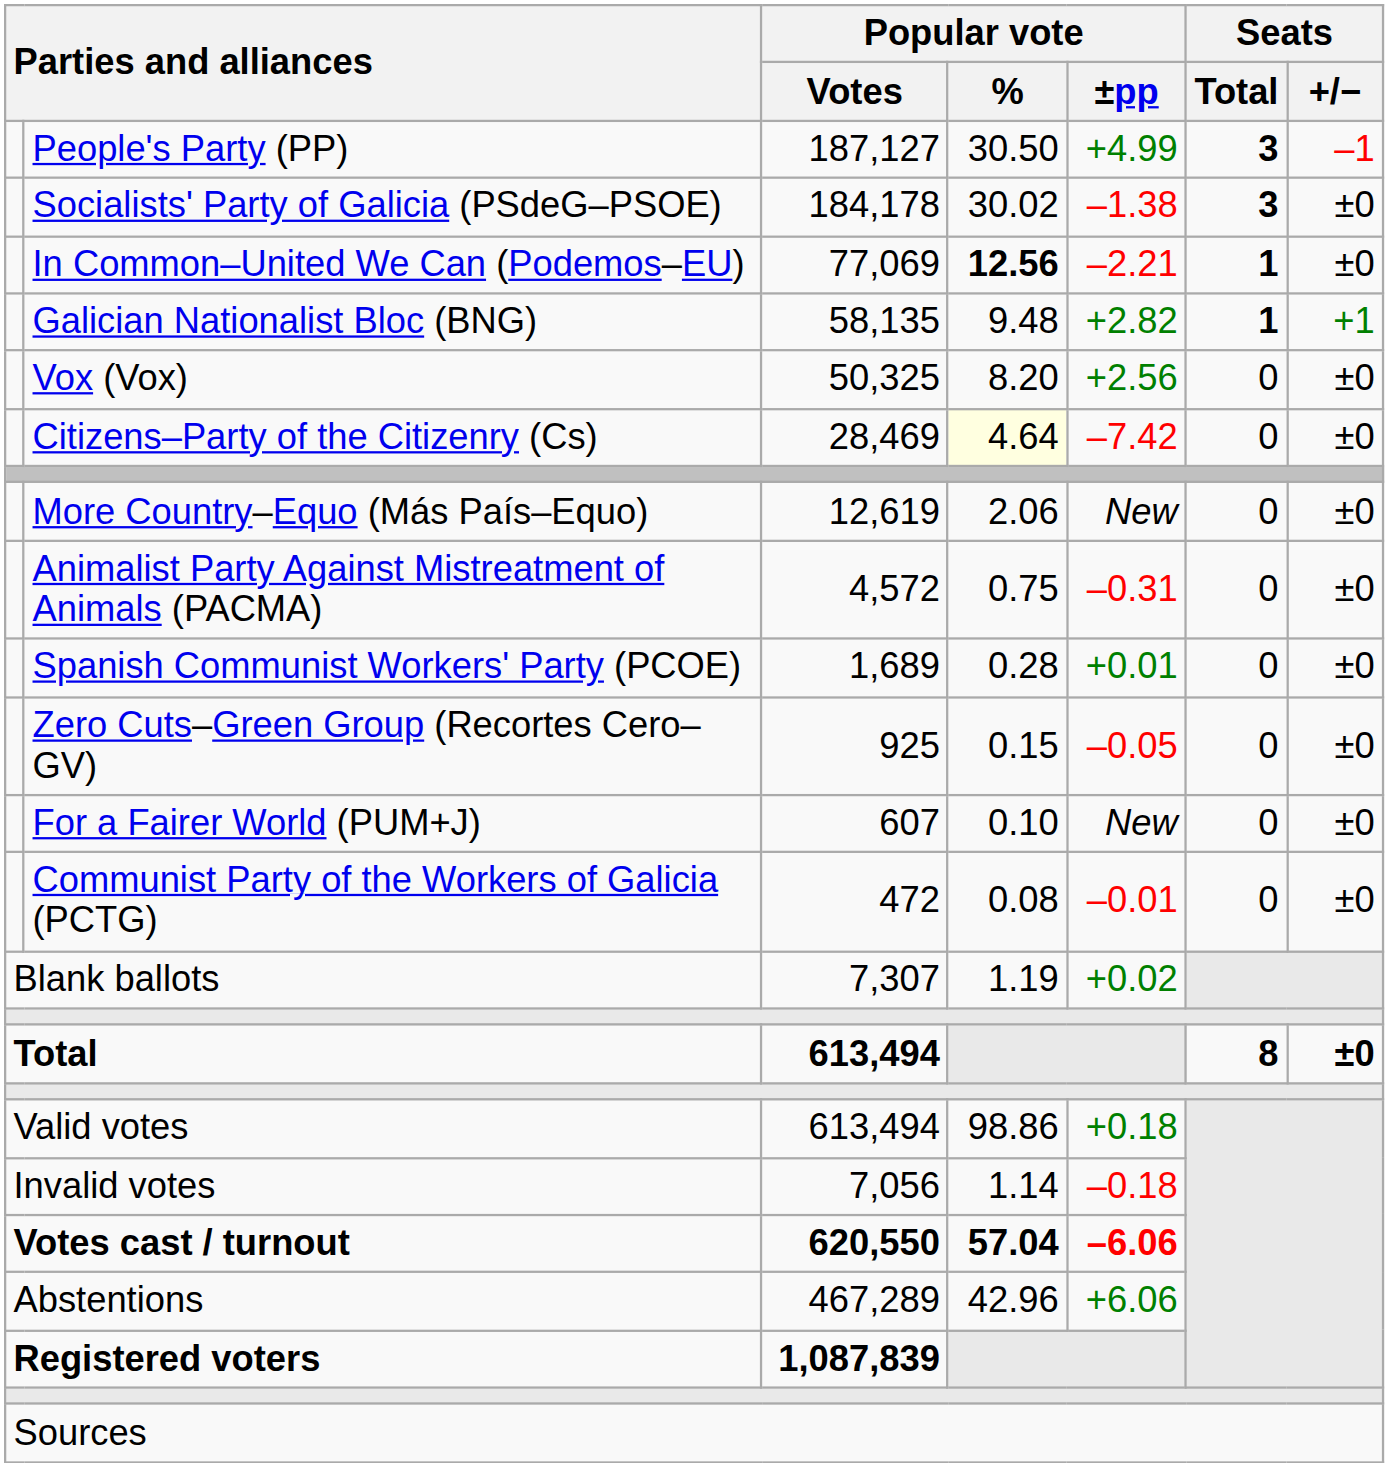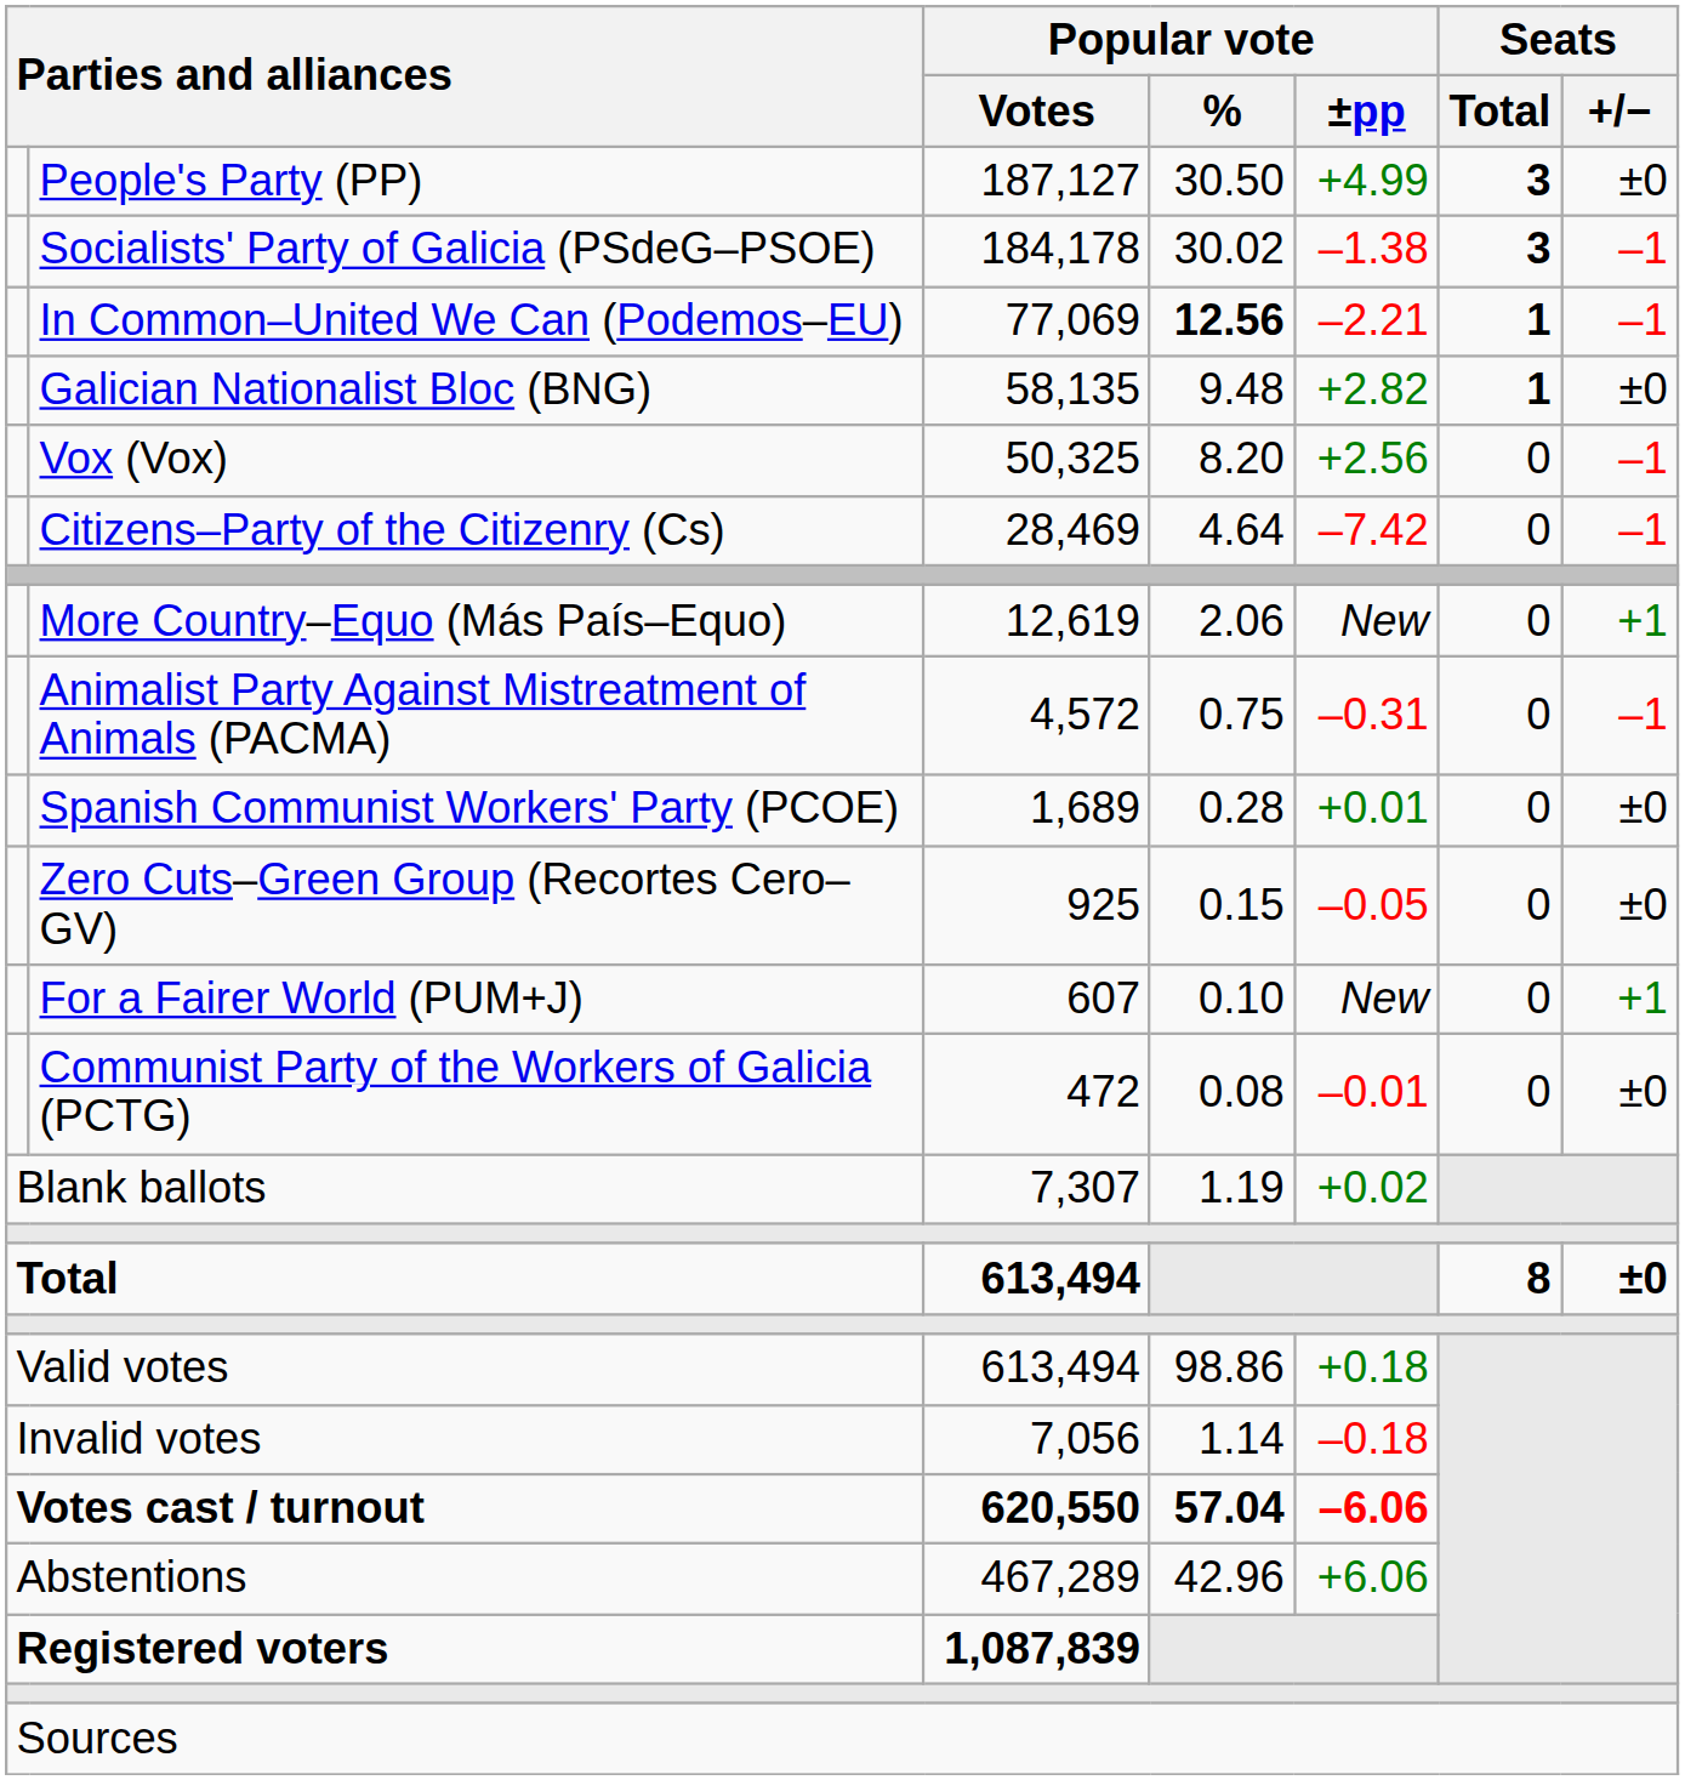 <table class="wikitable" style="text-align:right;">
 <tr>
 <th style="text-align:left;" rowspan="2" colspan="2" width="525">Parties and alliances</th>
 <th colspan="3">Popular vote</th>
 <th colspan="2">Seats</th>
 </tr>
 <tr>
 <th width="75">Votes</th>
 <th width="45">%</th>
 <th width="45">±<a href='#'>pp</a></th>
 <th width="35">Total</th>
 <th width="35">+/−</th>
 </tr>
 <tr>
 <td width="1" style="color:inherit;background:"></td>
 <td align="left"><a href='#'>People's Party</a> (PP)</td>
 <td>187,127</td>
 <td>30.50</td>
 <td style="color:green;">+4.99</td>
 <td><strong>3</strong></td>
-<td style="color:red;">–1</td>
+<td>±0</td>
 </tr>
 <tr>
 <td style="color:inherit;background:"></td>
 <td align="left"><a href='#'>Socialists' Party of Galicia</a> (PSdeG–PSOE)</td>
 <td>184,178</td>
 <td>30.02</td>
 <td style="color:red;">–1.38</td>
 <td><strong>3</strong></td>
-<td>±0</td>
+<td style="color:red;">–1</td>
 </tr>
 <tr>
 <td style="color:inherit;background:"></td>
 <td align="left"><a href='#'>In Common–United We Can</a> (<a href='#'>Podemos</a>–<a href='#'>EU</a>)</td>
 <td>77,069</td>
 <td><strong>12.56</strong></td>
 <td style="color:red;">–2.21</td>
 <td><strong>1</strong></td>
-<td>±0</td>
+<td style="color:red;">–1</td>
 </tr>
 <tr>
 <td style="color:inherit;background:"></td>
 <td align="left"><a href='#'>Galician Nationalist Bloc</a> (BNG)</td>
 <td>58,135</td>
 <td>9.48</td>
 <td style="color:green;">+2.82</td>
 <td><strong>1</strong></td>
-<td style="color:green;">+1</td>
+<td>±0</td>
 </tr>
 <tr>
 <td style="color:inherit;background:"></td>
 <td align="left"><a href='#'>Vox</a> (Vox)</td>
 <td>50,325</td>
 <td>8.20</td>
 <td style="color:green;">+2.56</td>
 <td>0</td>
-<td>±0</td>
+<td style="color:red;">–1</td>
 </tr>
 <tr>
 <td style="color:inherit;background:"></td>
 <td align="left"><a href='#'>Citizens–Party of the Citizenry</a> (Cs)</td>
 <td>28,469</td>
-<td style="background: lightyellow;">4.64</td>
+<td>4.64</td>
 <td style="color:red;">–7.42</td>
 <td>0</td>
-<td>±0</td>
+<td style="color:red;">–1</td>
 </tr>
 <tr>
 <td colspan="7" bgcolor="#C0C0C0"></td>
 </tr>
 <tr>
 <td style="color:inherit;background:"></td>
 <td align="left"><a href='#'>More Country</a>–<a href='#'>Equo</a> (Más País–Equo)</td>
 <td>12,619</td>
 <td>2.06</td>
 <td><em>New</em></td>
 <td>0</td>
-<td>±0</td>
+<td style="color:green;">+1</td>
 </tr>
 <tr>
 <td style="color:inherit;background:"></td>
 <td align="left"><a href='#'>Animalist Party Against Mistreatment of Animals</a> (PACMA)</td>
 <td>4,572</td>
 <td>0.75</td>
 <td style="color:red;">–0.31</td>
 <td>0</td>
-<td>±0</td>
+<td style="color:red;">–1</td>
 </tr>
 <tr>
 <td style="color:inherit;background:"></td>
 <td align="left"><a href='#'>Spanish Communist Workers' Party</a> (PCOE)</td>
 <td>1,689</td>
 <td>0.28</td>
 <td style="color:green;">+0.01</td>
 <td>0</td>
 <td>±0</td>
 </tr>
 <tr>
 <td style="color:inherit;background:"></td>
 <td align="left"><a href='#'>Zero Cuts</a>–<a href='#'>Green Group</a> (Recortes Cero–GV)</td>
 <td>925</td>
 <td>0.15</td>
 <td style="color:red;">–0.05</td>
 <td>0</td>
 <td>±0</td>
 </tr>
 <tr>
 <td style="color:inherit;background:"></td>
 <td align="left"><a href='#'>For a Fairer World</a> (PUM+J)</td>
 <td>607</td>
 <td>0.10</td>
 <td><em>New</em></td>
 <td>0</td>
-<td>±0</td>
+<td style="color:green;">+1</td>
 </tr>
 <tr>
 <td style="color:inherit;background:"></td>
 <td align="left"><a href='#'>Communist Party of the Workers of Galicia</a> (PCTG)</td>
 <td>472</td>
 <td>0.08</td>
 <td style="color:red;">–0.01</td>
 <td>0</td>
 <td>±0</td>
 </tr>
 <tr>
 <td align="left" colspan="2">Blank ballots</td>
 <td>7,307</td>
 <td>1.19</td>
 <td style="color:green;">+0.02</td>
 <td bgcolor="#E9E9E9" colspan="2"></td>
 </tr>
 <tr>
 <td colspan="7" bgcolor="#E9E9E9"></td>
 </tr>
 <tr style="font-weight:bold;">
 <td align="left" colspan="2">Total</td>
 <td>613,494</td>
 <td bgcolor="#E9E9E9" colspan="2"></td>
 <td>8</td>
 <td>±0</td>
 </tr>
 <tr>
 <td colspan="7" bgcolor="#E9E9E9"></td>
 </tr>
 <tr>
 <td align="left" colspan="2">Valid votes</td>
 <td>613,494</td>
 <td>98.86</td>
 <td style="color:green;">+0.18</td>
 <td bgcolor="#E9E9E9" colspan="2" rowspan="5"></td>
 </tr>
 <tr>
 <td align="left" colspan="2">Invalid votes</td>
 <td>7,056</td>
 <td>1.14</td>
 <td style="color:red;">–0.18</td>
 </tr>
 <tr style="font-weight:bold;">
 <td align="left" colspan="2">Votes cast / turnout</td>
 <td>620,550</td>
 <td>57.04</td>
 <td style="color:red;">–6.06</td>
 </tr>
 <tr>
 <td align="left" colspan="2">Abstentions</td>
 <td>467,289</td>
 <td>42.96</td>
 <td style="color:green;">+6.06</td>
 </tr>
 <tr style="font-weight:bold;">
 <td align="left" colspan="2">Registered voters</td>
 <td>1,087,839</td>
 <td bgcolor="#E9E9E9" colspan="2"></td>
 </tr>
 <tr>
 <td colspan="7" bgcolor="#E9E9E9"></td>
 </tr>
 <tr>
 <td align="left" colspan="7">Sources</td>
 </tr>
 </table>
